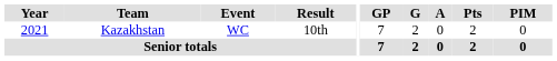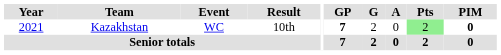 <table border="0" cellpadding="1" cellspacing="0" ID="Table3" style="text-align:center; width:40em">
 <tr ALIGN="center" bgcolor="#e0e0e0">
 <th>Year</th>
 <th>Team</th>
 <th>Event</th>
 <th>Result</th>
 <th rowspan="99" bgcolor="#ffffff"></th>
 <th>GP</th>
 <th>G</th>
 <th>A</th>
 <th>Pts</th>
 <th>PIM</th>
 </tr>
 <tr>
 <td><a href='#'>2021</a></td>
 <td><a href='#'>Kazakhstan</a></td>
 <td><a href='#'>WC</a></td>
 <td>10th</td>
-<td>7</td>
+<td><strong>7</strong></td>
 <td>2</td>
 <td>0</td>
-<td>2</td>
-<td>0</td>
+<td style="background: lightgreen;">2</td>
+<td><strong>0</strong></td>
 </tr>
 <tr bgcolor="#e0e0e0">
 <th colspan="4">Senior totals</th>
 <th>7</th>
 <th>2</th>
 <th>0</th>
 <th>2</th>
 <th>0</th>
 </tr>
 </table>
